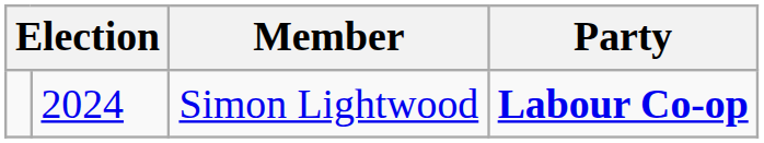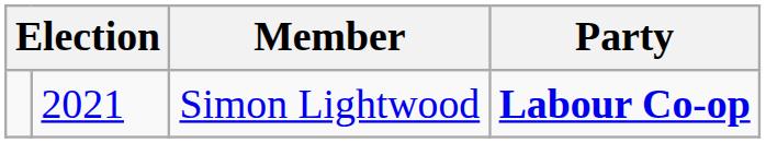 <table class="wikitable">
 <tr>
 <th colspan="2">Election</th>
 <th>Member</th>
 <th>Party</th>
 </tr>
 <tr>
 <td style="color:inherit;background-color: "></td>
-<td><a href='#'>2024</a></td>
+<td><a href='#'>2021</a></td>
 <td><a href='#'>Simon Lightwood</a></td>
 <td><strong><a href='#'>Labour Co-op</a></strong></td>
 </tr>
 </table>
